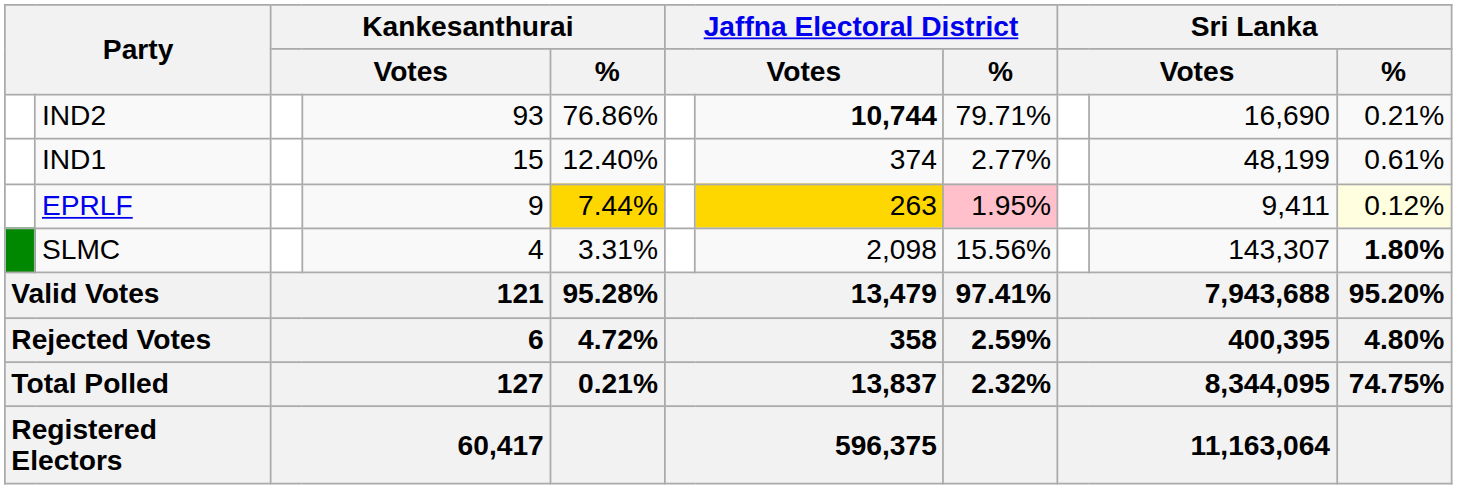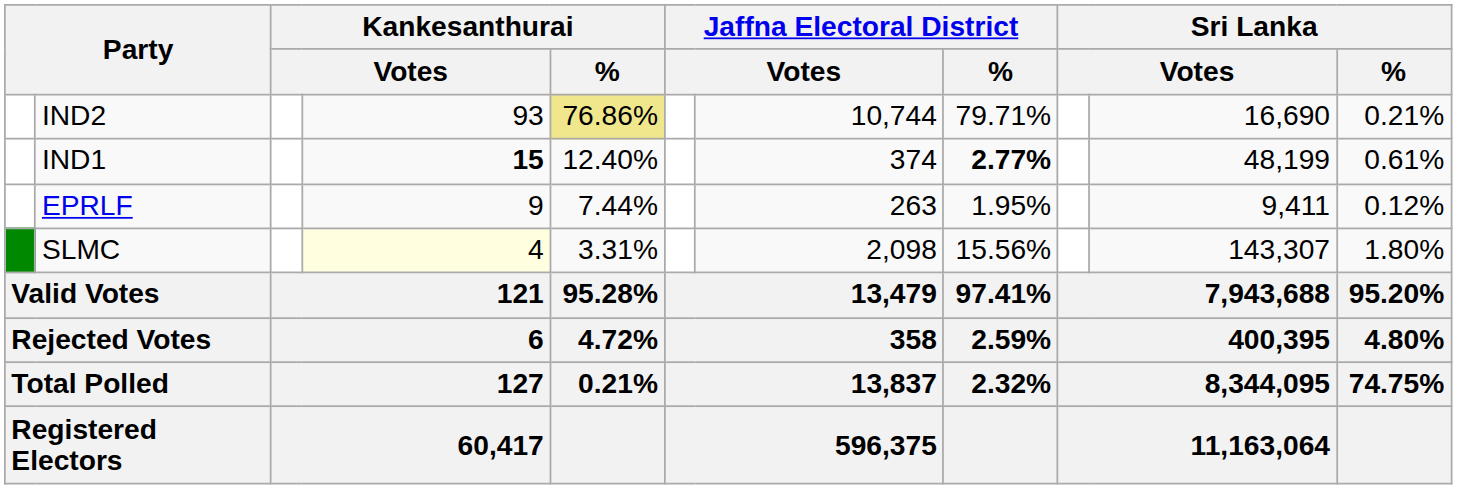 <table class="wikitable">
 <tr>
 <th colspan="2" width="144px"rowspan="2">Party</th>
 <th colspan="3" width="216px">Kankesanthurai</th>
 <th colspan="3" width="216px"><a href='#'>Jaffna Electoral District</a></th>
 <th colspan="3" width="216px">Sri Lanka</th>
 </tr>
 <tr>
 <th colspan="2" width="144px">Votes</th>
 <th>%</th>
 <th colspan="2" width="144px">Votes</th>
 <th>%</th>
 <th colspan="2" width="144px">Votes</th>
 <th>%</th>
 </tr>
 <tr>
 <td style="background-color:white;" width="10px"></td>
 <td style="text-align:left;">IND2</td>
 <td style="background-color:white;" width="10px"></td>
 <td style="text-align:right;">93</td>
-<td style="text-align:right;">76.86%</td>
+<td style="background: khaki; text-align:right;">76.86%</td>
 <td style="background-color:white;" width="10px"></td>
-<td style="text-align:right;"><strong>10,744</strong></td>
+<td style="text-align:right;">10,744</td>
 <td style="text-align:right;">79.71%</td>
 <td style="background-color:white;" width="10px"></td>
 <td style="text-align:right;">16,690</td>
 <td style="text-align:right;">0.21%</td>
 </tr>
 <tr>
 <td style="background-color:white;" width="10px"></td>
 <td style="text-align:left;">IND1</td>
 <td style="background-color:white;" width="10px"></td>
-<td style="text-align:right;">15</td>
+<td style="text-align:right;"><strong>15</strong></td>
 <td style="text-align:right;">12.40%</td>
 <td style="background-color:white;" width="10px"></td>
 <td style="text-align:right;">374</td>
-<td style="text-align:right;">2.77%</td>
+<td style="text-align:right;"><strong>2.77%</strong></td>
 <td style="background-color:white;" width="10px"></td>
 <td style="text-align:right;">48,199</td>
 <td style="text-align:right;">0.61%</td>
 </tr>
 <tr>
 <td style="background-color:white;" width="10px"></td>
 <td style="text-align:left;"><a href='#'>EPRLF</a></td>
 <td style="background-color:white;" width="10px"></td>
 <td style="text-align:right;">9</td>
-<td style="background: gold; text-align:right;">7.44%</td>
+<td style="text-align:right;">7.44%</td>
 <td style="background-color:white;" width="10px"></td>
-<td style="background: gold; text-align:right;">263</td>
-<td style="background: pink; text-align:right;">1.95%</td>
+<td style="text-align:right;">263</td>
+<td style="text-align:right;">1.95%</td>
 <td style="background-color:white;" width="10px"></td>
 <td style="text-align:right;">9,411</td>
-<td style="background: lightyellow; text-align:right;">0.12%</td>
+<td style="text-align:right;">0.12%</td>
 </tr>
 <tr>
 <td style="background-color:#008800;" width="10px"></td>
 <td style="text-align:left;">SLMC</td>
 <td style="background-color:white;" width="10px"></td>
-<td style="text-align:right;">4</td>
+<td style="background: lightyellow; text-align:right;">4</td>
 <td style="text-align:right;">3.31%</td>
 <td style="background-color:white;" width="10px"></td>
 <td style="text-align:right;">2,098</td>
 <td style="text-align:right;">15.56%</td>
 <td style="background-color:white;" width="10px"></td>
 <td style="text-align:right;">143,307</td>
-<td style="text-align:right;"><strong>1.80%</strong></td>
+<td style="text-align:right;">1.80%</td>
 </tr>
 <tr>
 <th colspan="2" width="144px"style="text-align:left;">Valid Votes</th>
 <th style="text-align:right;"colspan="2" width="144px">121</th>
 <th style="text-align:right;">95.28%</th>
 <th style="text-align:right;"colspan="2" width="144px">13,479</th>
 <th style="text-align:right;">97.41%</th>
 <th style="text-align:right;"colspan="2" width="144px">7,943,688</th>
 <th style="text-align:right;">95.20%</th>
 </tr>
 <tr>
 <th colspan="2" width="144px"style="text-align:left;">Rejected Votes</th>
 <th style="text-align:right;"colspan="2" width="144px">6</th>
 <th style="text-align:right;">4.72%</th>
 <th style="text-align:right;"colspan="2" width="144px">358</th>
 <th style="text-align:right;">2.59%</th>
 <th style="text-align:right;"colspan="2" width="144px">400,395</th>
 <th style="text-align:right;">4.80%</th>
 </tr>
 <tr>
 <th colspan="2" width="144px"style="text-align:left;">Total Polled</th>
 <th style="text-align:right;"colspan="2" width="144px">127</th>
 <th style="text-align:right;">0.21%</th>
 <th style="text-align:right;"colspan="2" width="144px">13,837</th>
 <th style="text-align:right;">2.32%</th>
 <th style="text-align:right;"colspan="2" width="144px">8,344,095</th>
 <th style="text-align:right;">74.75%</th>
 </tr>
 <tr>
 <th colspan="2" width="144px"style="text-align:left;">Registered Electors</th>
 <th style="text-align:right;"colspan="2" width="144px">60,417</th>
 <th></th>
 <th style="text-align:right;"colspan="2" width="144px">596,375</th>
 <th></th>
 <th style="text-align:right;"colspan="2" width="144px">11,163,064</th>
 <th></th>
 </tr>
 </table>
